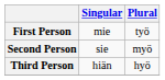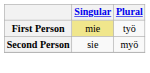 <table class="wikitable" style="text-align:center; display: inline-table;">
 <tr>
 <th></th>
 <th><a href='#'>Singular</a></th>
 <th><a href='#'>Plural</a></th>
 </tr>
 <tr>
 <th>First Person</th>
-<td>mie</td>
+<td style="background: khaki;">mie</td>
 <td>työ</td>
 </tr>
 <tr>
 <th>Second Person</th>
 <td>sie</td>
 <td>myö</td>
 </tr>
 <tr>
-<th>Third Person</th>
-<td>hiän</td>
-<td>hyö</td>
-</tr>
-<tr>
 </tr>
 </table>
